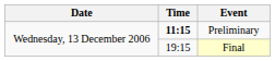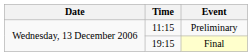 <table class = "wikitable" style="text-align:center;">
 <tr>
 <th width=220>Date</th>
 <th width=50>Time</th>
 <th width=100>Event</th>
 </tr>
 <tr>
 <td rowspan=2>Wednesday, 13 December 2006</td>
-<td><strong>11:15</strong></td>
+<td>11:15</td>
 <td>Preliminary</td>
 </tr>
 <tr>
 <td>19:15</td>
 <td bgcolor=ffffcc>Final</td>
 </tr>
 </table>
